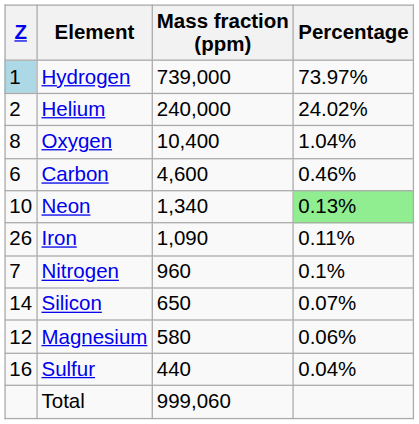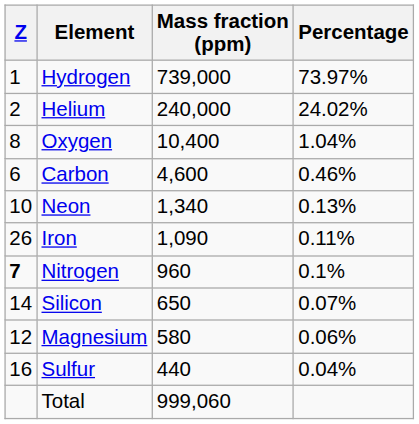 <table class="wikitable sortable" style="float:right; margin-left:1em;">
 <tr>
 <th><a href='#'>Z</a></th>
 <th>Element</th>
 <th>Mass fraction<br> (ppm)</th>
 <th>Percentage</th>
 </tr>
 <tr>
-<td style="background: lightblue;">1</td>
+<td>1</td>
 <td><a href='#'>Hydrogen</a></td>
 <td> 739,000</td>
 <td> 73.97%</td>
 </tr>
 <tr>
 <td>2</td>
 <td><a href='#'>Helium</a></td>
 <td> 240,000</td>
 <td> 24.02%</td>
 </tr>
 <tr>
 <td>8</td>
 <td><a href='#'>Oxygen</a></td>
 <td> 10,400</td>
 <td> 1.04%</td>
 </tr>
 <tr>
 <td>6</td>
 <td><a href='#'>Carbon</a></td>
 <td> 4,600</td>
 <td> 0.46%</td>
 </tr>
 <tr>
 <td>10</td>
 <td><a href='#'>Neon</a></td>
 <td> 1,340</td>
-<td style="background: lightgreen;"> 0.13%</td>
+<td> 0.13%</td>
 </tr>
 <tr>
 <td>26</td>
 <td><a href='#'>Iron</a></td>
 <td> 1,090</td>
 <td> 0.11%</td>
 </tr>
 <tr>
-<td>7</td>
+<td><strong>7</strong></td>
 <td><a href='#'>Nitrogen</a></td>
 <td>   960</td>
 <td> 0.1%</td>
 </tr>
 <tr>
 <td>14</td>
 <td><a href='#'>Silicon</a></td>
 <td>   650</td>
 <td> 0.07%</td>
 </tr>
 <tr>
 <td>12</td>
 <td><a href='#'>Magnesium</a></td>
 <td>   580</td>
 <td> 0.06%</td>
 </tr>
 <tr>
 <td>16</td>
 <td><a href='#'>Sulfur</a></td>
 <td>   440</td>
 <td> 0.04%</td>
 </tr>
 <tr>
 <td></td>
 <td>Total</td>
 <td> 999,060</td>
 </tr>
 </table>
